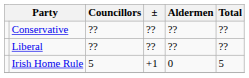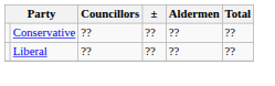 <table class="wikitable">
 <tr>
 <th colspan="2">Party</th>
 <th>Councillors</th>
 <th>  ±  </th>
 <th>Aldermen</th>
 <th>Total</th>
 </tr>
 <tr>
 <td style="background-color: "></td>
 <td><a href='#'>Conservative</a></td>
 <td>??</td>
 <td>??</td>
 <td>??</td>
 <td>??</td>
 </tr>
 <tr>
 <td style="background-color: "></td>
 <td><a href='#'>Liberal</a></td>
 <td>??</td>
 <td>??</td>
 <td>??</td>
 <td>??</td>
 </tr>
 <tr>
-<td style="background-color: "></td>
-<td><a href='#'>Irish Home Rule</a></td>
-<td>5</td>
-<td>+1</td>
-<td>0</td>
-<td>5</td>
-</tr>
-<tr>
 </tr>
 </table>
